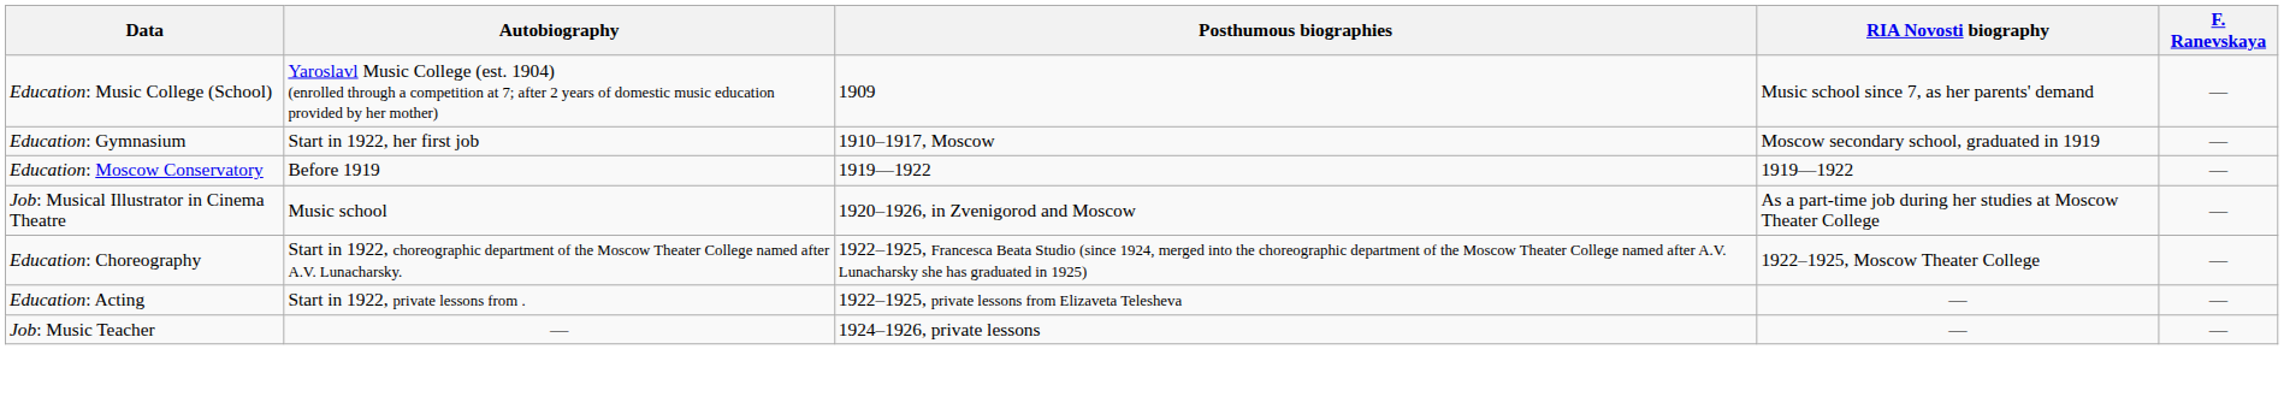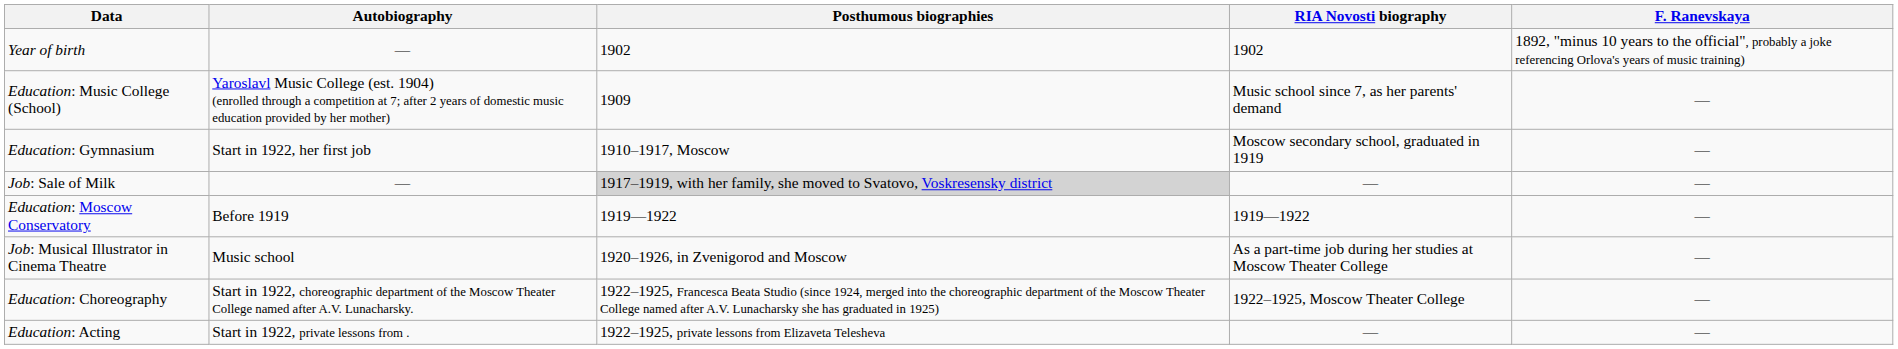 <table class="wikitable">
 <tr>
 <th>Data</th>
 <th>Autobiography</th>
 <th>Posthumous biographies</th>
 <th><a href='#'>RIA Novosti</a> biography</th>
 <th><a href='#'>F. Ranevskaya</a></th>
+</tr>
+<tr>
+<td><em>Year of birth</em></td>
+<td style="text-align:center">—</td>
+<td>1902</td>
+<td>1902</td>
+<td>1892, "minus 10 years to the official"<small>, probably a joke referencing Orlova's years of music training)</small></td>
 </tr>
 <tr>
 <td><em>Education</em>: Music College (School)</td>
 <td><a href='#'>Yaroslavl</a> Music College (est. 1904) <br><small>(enrolled through a competition at 7; after 2 years of domestic music education provided by her mother)</small></td>
 <td>1909</td>
 <td>Music school since 7, as her parents' demand</td>
 <td style="text-align:center">—</td>
 </tr>
 <tr>
 <td><em>Education</em>: Gymnasium</td>
 <td>Start in 1922, her first job</td>
 <td>1910–1917, Moscow</td>
 <td>Moscow secondary school, graduated in 1919</td>
+<td style="text-align:center">—</td>
+</tr>
+<tr>
+<td><em>Job</em>: Sale of Milk</td>
+<td style="text-align:center">—</td>
+<td style="background-color:lightgrey">1917–1919, with her family, she moved to Svatovo, <a href='#'>Voskresensky district</a></td>
+<td style="text-align:center">—</td>
 <td style="text-align:center">—</td>
 </tr>
 <tr>
 <td><em>Education</em>: <a href='#'>Moscow Conservatory</a></td>
 <td>Before 1919</td>
 <td>1919—1922</td>
 <td>1919—1922</td>
 <td style="text-align:center">—</td>
 </tr>
 <tr>
 <td><em>Job</em>: Musical Illustrator in Cinema Theatre</td>
 <td>Music school </td>
 <td>1920–1926, in Zvenigorod and Moscow</td>
 <td>As a part-time job during her studies at Moscow Theater College</td>
 <td style="text-align:center">—</td>
 </tr>
 <tr>
 <td style="align:left"><em>Education</em>: Choreography</td>
 <td>Start in 1922, <small>choreographic department of the Moscow Theater College named after A.V. Lunacharsky.</small></td>
 <td>1922–1925, <small>Francesca Beata Studio (since 1924, merged into the choreographic department of the Moscow Theater College named after A.V. Lunacharsky she has graduated in 1925)</small></td>
 <td>1922–1925, Moscow Theater College</td>
 <td style="text-align:center">—</td>
 </tr>
 <tr>
 <td><em>Education</em>: Acting</td>
 <td>Start in 1922, <small>private lessons from .</small></td>
 <td>1922–1925, <small>private lessons from Elizaveta Telesheva</small></td>
 <td style="text-align:center">—</td>
 <td style="text-align:center">—</td>
 </tr>
-<tr>
-<td><em>Job</em>: Music Teacher</td>
-<td style="text-align:center">—</td>
-<td>1924–1926, private lessons</td>
-<td style="text-align:center">—</td>
-<td style="text-align:center">—</td>
-</tr>
 </table>
